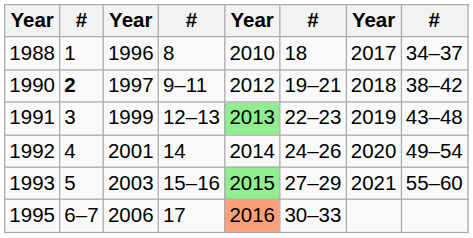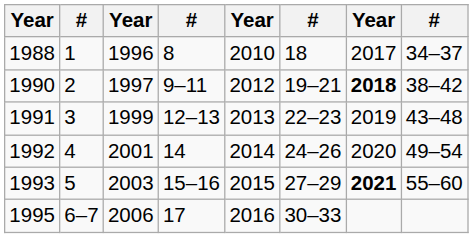 <table class="wikitable">
 <tr>
 <th>Year</th>
 <th>#</th>
 <th>Year</th>
 <th>#</th>
 <th>Year</th>
 <th>#</th>
 <th>Year</th>
 <th>#</th>
 </tr>
 <tr>
 <td>1988</td>
 <td>1</td>
 <td>1996</td>
 <td>8</td>
 <td>2010</td>
 <td>18</td>
 <td>2017</td>
 <td>34–37</td>
 </tr>
 <tr>
 <td>1990</td>
-<td><strong>2</strong></td>
+<td>2</td>
 <td>1997</td>
 <td>9–11</td>
 <td>2012</td>
 <td>19–21</td>
-<td>2018</td>
+<td><strong>2018</strong></td>
 <td>38–42</td>
 </tr>
 <tr>
 <td>1991</td>
 <td>3</td>
 <td>1999</td>
 <td>12–13</td>
-<td style="background: lightgreen;">2013</td>
+<td>2013</td>
 <td>22–23</td>
 <td>2019</td>
 <td>43–48</td>
 </tr>
 <tr>
 <td>1992</td>
 <td>4</td>
 <td>2001</td>
 <td>14</td>
 <td>2014</td>
 <td>24–26</td>
 <td>2020</td>
 <td>49–54</td>
 </tr>
 <tr>
 <td>1993</td>
 <td>5</td>
 <td>2003</td>
 <td>15–16</td>
-<td style="background: lightgreen;">2015</td>
+<td>2015</td>
 <td>27–29</td>
-<td>2021</td>
+<td><strong>2021</strong></td>
 <td>55–60</td>
 </tr>
 <tr>
 <td>1995</td>
 <td>6–7</td>
 <td>2006</td>
 <td>17</td>
-<td style="background: lightsalmon;">2016</td>
+<td>2016</td>
 <td>30–33</td>
 <td></td>
 <td></td>
 </tr>
 </table>
